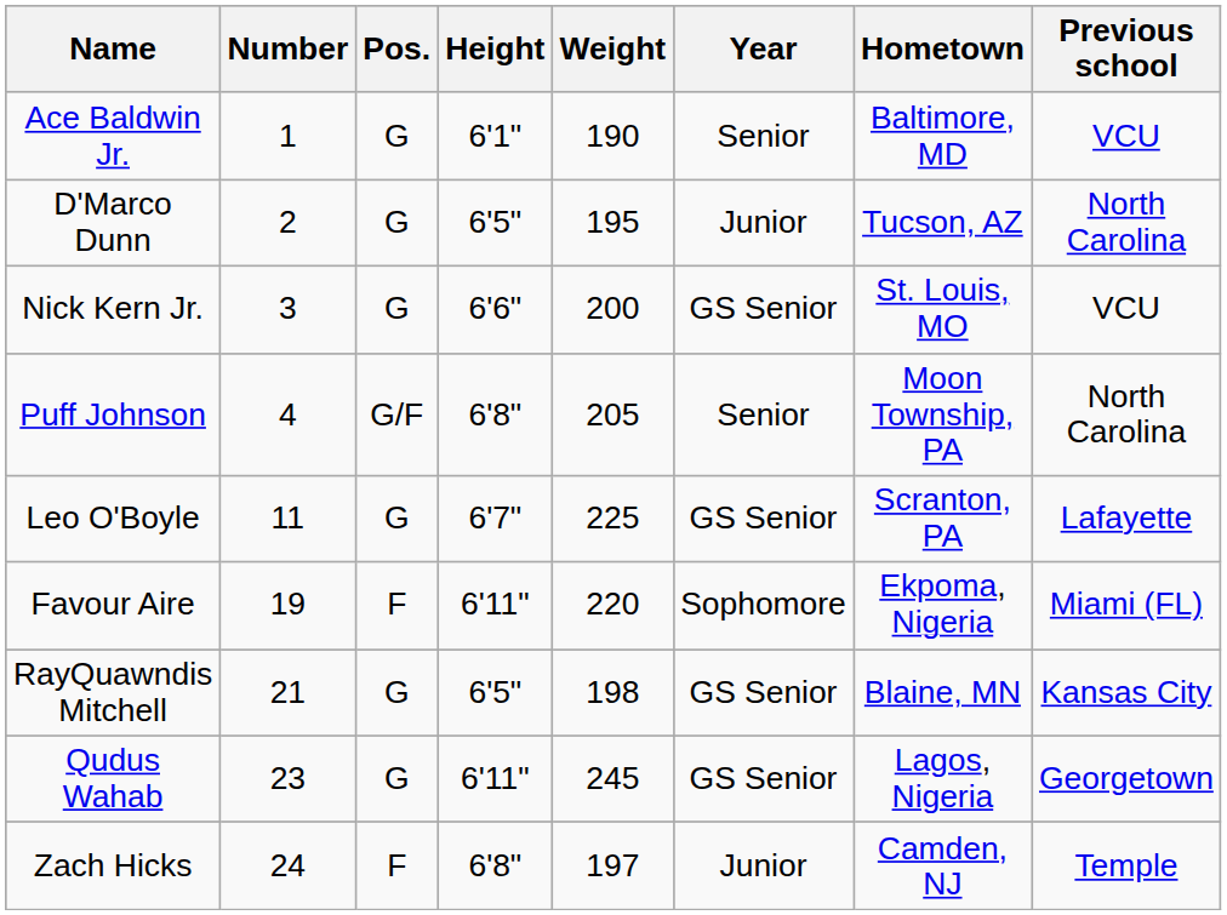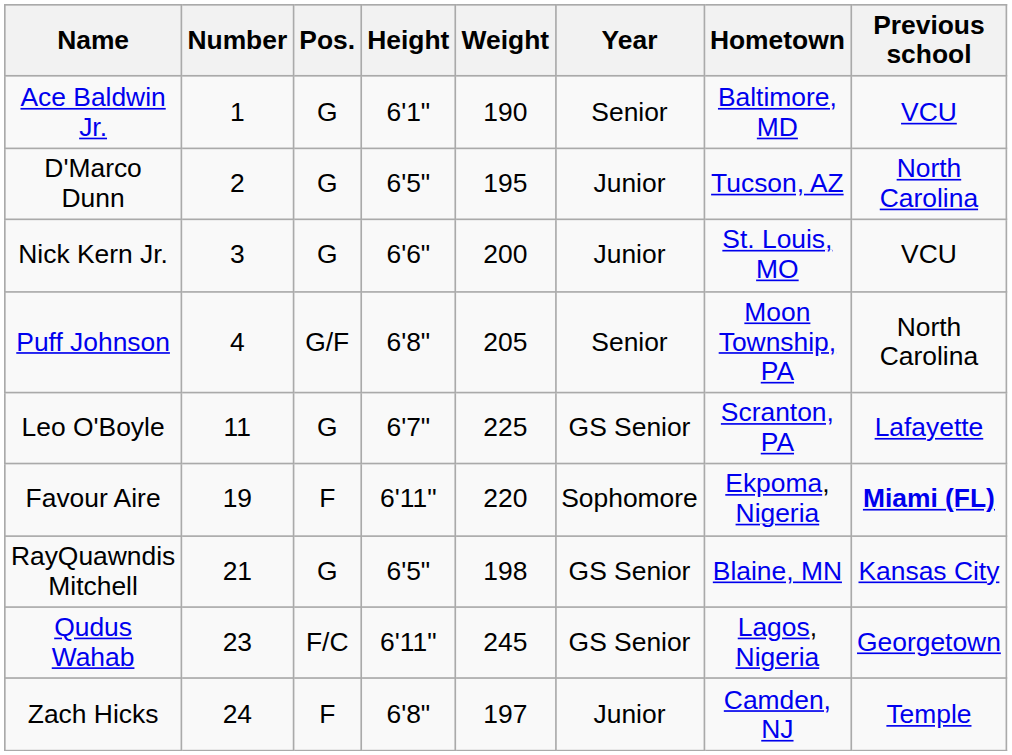 <table class="wikitable sortable sortable" style="text-align:center">
 <tr align=center>
 <th>Name</th>
 <th>Number</th>
 <th>Pos.</th>
 <th>Height</th>
 <th>Weight</th>
 <th>Year</th>
 <th>Hometown</th>
 <th class="unsortable">Previous school</th>
 </tr>
 <tr>
 <td><a href='#'>Ace Baldwin Jr.</a></td>
 <td>1</td>
 <td>G</td>
 <td>6'1"</td>
 <td>190</td>
 <td>Senior</td>
 <td><a href='#'>Baltimore, MD</a></td>
 <td><a href='#'>VCU</a></td>
 </tr>
 <tr>
 <td>D'Marco Dunn</td>
 <td>2</td>
 <td>G</td>
 <td>6'5"</td>
 <td>195</td>
 <td>Junior</td>
 <td><a href='#'>Tucson, AZ</a></td>
 <td><a href='#'>North Carolina</a></td>
 </tr>
 <tr>
 <td>Nick Kern Jr.</td>
 <td>3</td>
 <td>G</td>
 <td>6'6"</td>
 <td>200</td>
-<td>GS Senior</td>
+<td>Junior</td>
 <td><a href='#'>St. Louis, MO</a></td>
 <td>VCU</td>
 </tr>
 <tr>
 <td><a href='#'>Puff Johnson</a></td>
 <td>4</td>
 <td>G/F</td>
 <td>6'8"</td>
 <td>205</td>
 <td>Senior</td>
 <td><a href='#'>Moon Township, PA</a></td>
 <td>North Carolina</td>
 </tr>
 <tr>
 <td>Leo O'Boyle</td>
 <td>11</td>
 <td>G</td>
 <td>6'7"</td>
 <td>225</td>
 <td>GS Senior</td>
 <td><a href='#'>Scranton, PA</a></td>
 <td><a href='#'>Lafayette</a></td>
 </tr>
 <tr>
 <td>Favour Aire</td>
 <td>19</td>
 <td>F</td>
 <td>6'11"</td>
 <td>220</td>
 <td>Sophomore</td>
 <td><a href='#'>Ekpoma</a>, <a href='#'>Nigeria</a></td>
-<td><a href='#'>Miami (FL)</a></td>
+<td><strong><a href='#'>Miami (FL)</a></strong></td>
 </tr>
 <tr>
 <td>RayQuawndis Mitchell</td>
 <td>21</td>
 <td>G</td>
 <td>6'5"</td>
 <td>198</td>
 <td>GS Senior</td>
 <td><a href='#'>Blaine, MN</a></td>
 <td><a href='#'>Kansas City</a></td>
 </tr>
 <tr>
 <td><a href='#'>Qudus Wahab</a></td>
 <td>23</td>
-<td>G</td>
+<td>F/C</td>
 <td>6'11"</td>
 <td>245</td>
 <td>GS Senior</td>
 <td><a href='#'>Lagos</a>, <a href='#'>Nigeria</a></td>
 <td><a href='#'>Georgetown</a></td>
 </tr>
 <tr>
 <td>Zach Hicks</td>
 <td>24</td>
 <td>F</td>
 <td>6'8"</td>
 <td>197</td>
 <td>Junior</td>
 <td><a href='#'>Camden, NJ</a></td>
 <td><a href='#'>Temple</a></td>
 </tr>
 </table>
